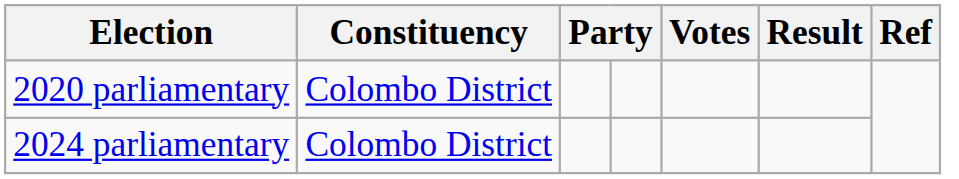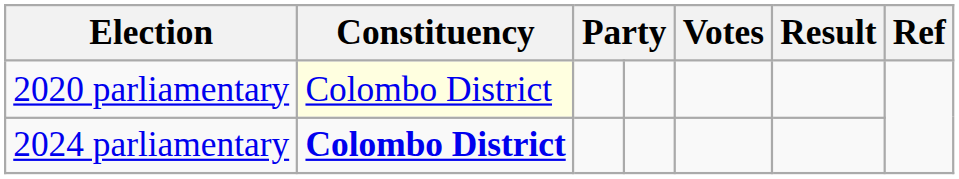 <table class="wikitable" style="text-align:left;">
 <tr>
 <th scope=col>Election</th>
 <th scope=col>Constituency</th>
 <th scope=col colspan="2">Party</th>
 <th scope=col>Votes</th>
 <th scope=col>Result</th>
 <th scope=col>Ref</th>
 </tr>
 <tr>
 <td><a href='#'>2020 parliamentary</a></td>
-<td><a href='#'>Colombo District</a></td>
+<td style="background: lightyellow;"><a href='#'>Colombo District</a></td>
 <td></td>
 <td align=right></td>
 <td></td>
 <td></td>
 </tr>
 <tr>
 <td><a href='#'>2024 parliamentary</a></td>
-<td><a href='#'>Colombo District</a></td>
+<td><strong><a href='#'>Colombo District</a></strong></td>
 <td></td>
 <td align=right></td>
 <td></td>
 <td></td>
 </tr>
 </table>
